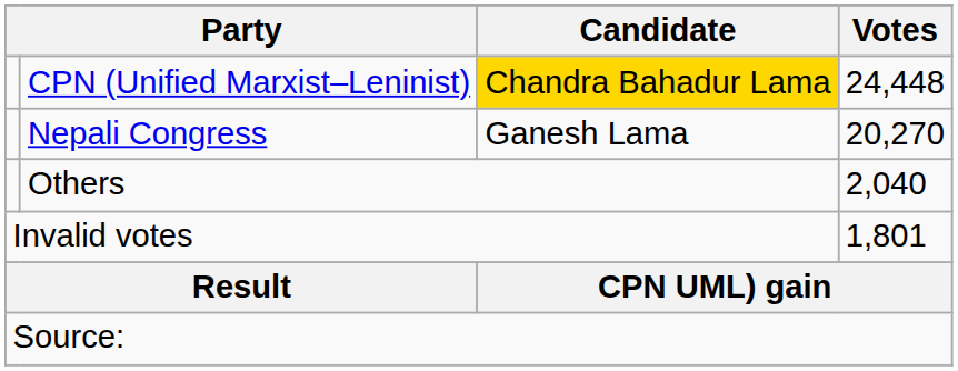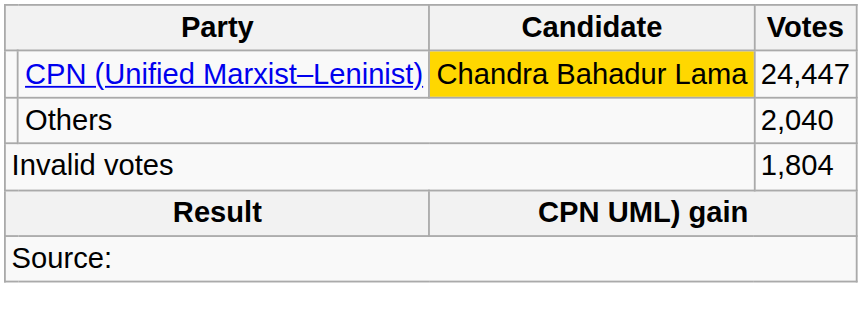 <table class="wikitable">
 <tr>
 <th colspan="2">Party</th>
 <th>Candidate</th>
 <th>Votes</th>
 </tr>
 <tr>
 <td style="background-color:"></td>
 <td><a href='#'>CPN (Unified Marxist–Leninist)</a></td>
 <td style="background: gold;">Chandra Bahadur Lama</td>
-<td>24,448</td>
-</tr>
-<tr>
-<td style="background-color:"></td>
-<td><a href='#'>Nepali Congress</a></td>
-<td>Ganesh Lama</td>
-<td>20,270</td>
+<td>24,447</td>
 </tr>
 <tr>
 <td></td>
 <td colspan="2">Others</td>
 <td>2,040</td>
 </tr>
 <tr>
 <td colspan="3">Invalid votes</td>
-<td>1,801</td>
+<td>1,804</td>
 </tr>
 <tr>
 <th colspan="2">Result</th>
 <th colspan="2">CPN UML) gain</th>
 </tr>
 <tr>
 <td colspan="4">Source: </td>
 </tr>
 </table>
